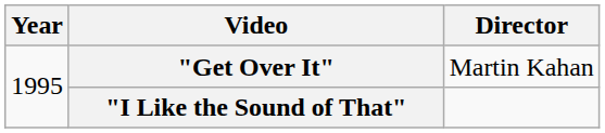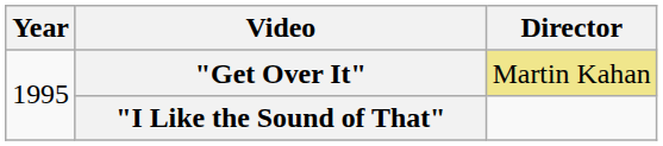 <table class="wikitable plainrowheaders">
 <tr>
 <th>Year</th>
 <th style="width:14em;">Video</th>
 <th>Director</th>
 </tr>
 <tr>
 <td rowspan="2">1995</td>
 <th scope="row">"Get Over It"</th>
-<td>Martin Kahan</td>
+<td style="background: khaki;">Martin Kahan</td>
 </tr>
 <tr>
 <th scope="row">"I Like the Sound of That"</th>
 <td></td>
 </tr>
 </table>
